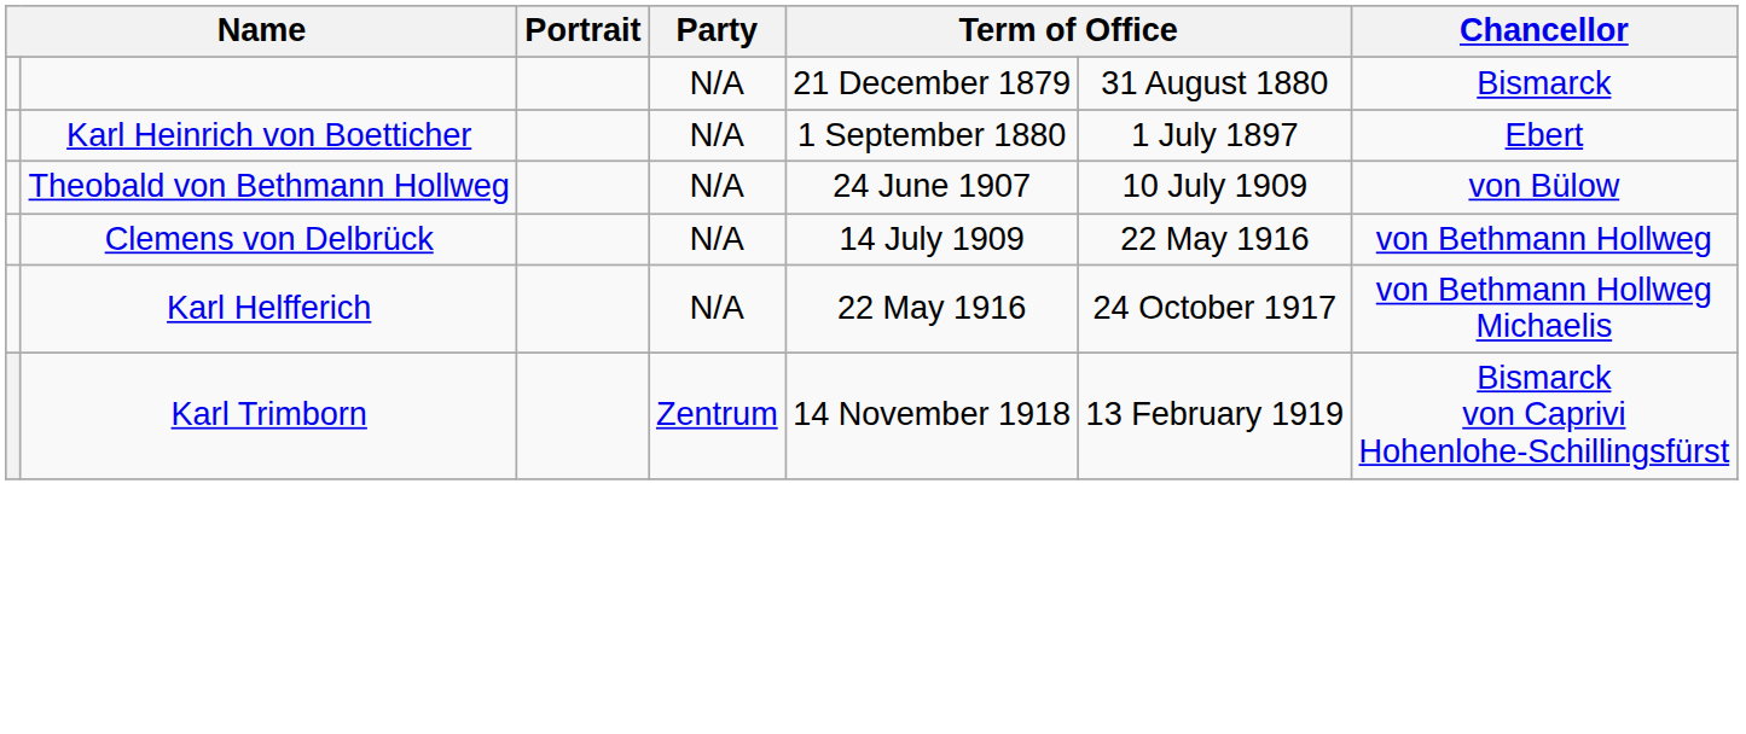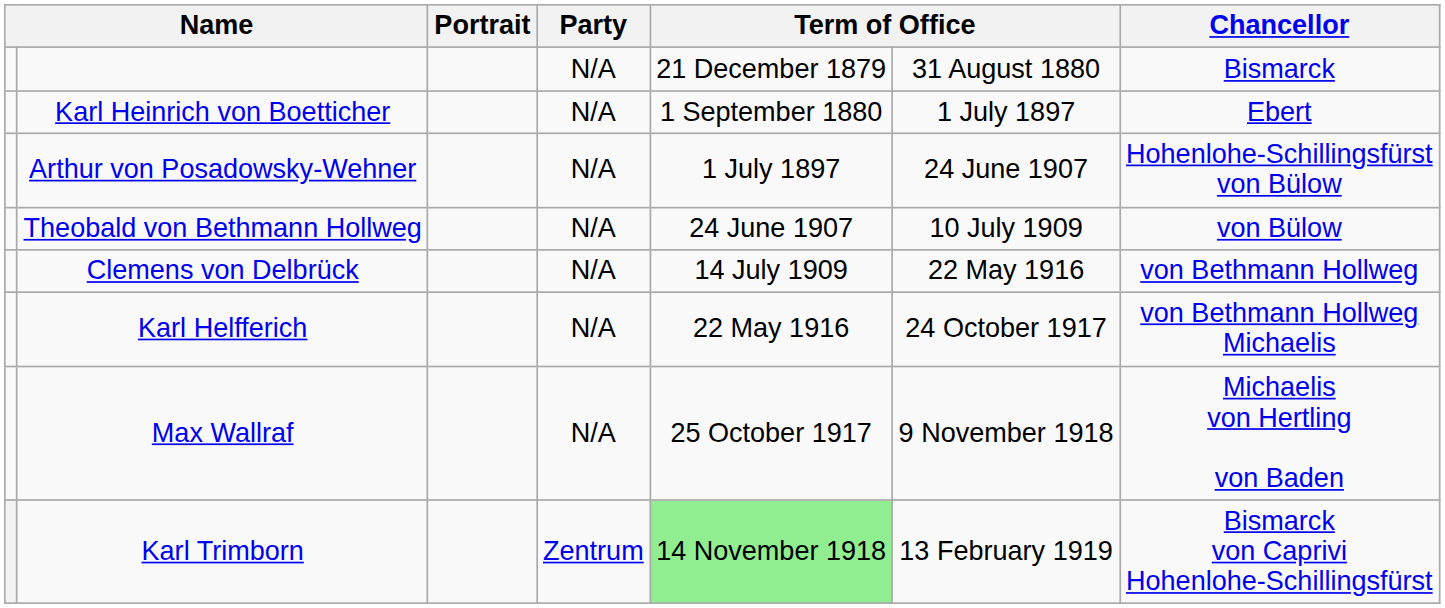 <table class="wikitable" style="text-align:center;">
 <tr>
 <th colspan=2>Name<br></th>
 <th>Portrait</th>
 <th>Party</th>
 <th colspan=2>Term of Office</th>
 <th><a href='#'>Chancellor</a></th>
 </tr>
 <tr>
 <td></td>
 <td><br></td>
 <td></td>
 <td>N/A</td>
 <td>21 December 1879</td>
 <td>31 August 1880</td>
 <td><a href='#'>Bismarck</a></td>
 </tr>
 <tr>
 <td></td>
 <td><a href='#'>Karl Heinrich von Boetticher</a><br></td>
 <td></td>
 <td>N/A</td>
 <td>1 September 1880</td>
 <td>1 July 1897</td>
 <td><a href='#'>Ebert</a><br></td>
+</tr>
+<tr>
+<td></td>
+<td><a href='#'>Arthur von Posadowsky-Wehner</a><br></td>
+<td></td>
+<td>N/A</td>
+<td>1 July 1897</td>
+<td>24 June 1907</td>
+<td><a href='#'>Hohenlohe-Schillingsfürst</a> <br> <a href='#'>von Bülow</a></td>
 </tr>
 <tr>
 <td></td>
 <td><a href='#'>Theobald von Bethmann Hollweg</a><br></td>
 <td></td>
 <td>N/A</td>
 <td>24 June 1907</td>
 <td>10 July 1909</td>
 <td><a href='#'>von Bülow</a></td>
 </tr>
 <tr>
 <td></td>
 <td><a href='#'>Clemens von Delbrück</a><br></td>
 <td></td>
 <td>N/A</td>
 <td>14 July 1909</td>
 <td>22 May 1916</td>
 <td><a href='#'>von Bethmann Hollweg</a></td>
 </tr>
 <tr>
 <td></td>
 <td><a href='#'>Karl Helfferich</a><br></td>
 <td></td>
 <td>N/A</td>
 <td>22 May 1916</td>
 <td>24 October 1917</td>
 <td><a href='#'>von Bethmann Hollweg</a> <br> <a href='#'>Michaelis</a></td>
 </tr>
 <tr>
+<td></td>
+<td><a href='#'>Max Wallraf</a><br></td>
+<td></td>
+<td>N/A</td>
+<td>25 October 1917</td>
+<td>9 November 1918</td>
+<td><a href='#'>Michaelis</a> <br> <a href='#'>von Hertling</a><br> <br> <a href='#'>von Baden</a><br></td>
+</tr>
+<tr>
 <th style="background:"></th>
 <td><a href='#'>Karl Trimborn</a><br></td>
 <td></td>
 <td><a href='#'>Zentrum</a></td>
-<td>14 November 1918</td>
+<td style="background: lightgreen;">14 November 1918</td>
 <td>13 February 1919</td>
 <td><a href='#'>Bismarck</a> <br> <a href='#'>von Caprivi</a> <br> <a href='#'>Hohenlohe-Schillingsfürst</a></td>
 </tr>
 </table>
